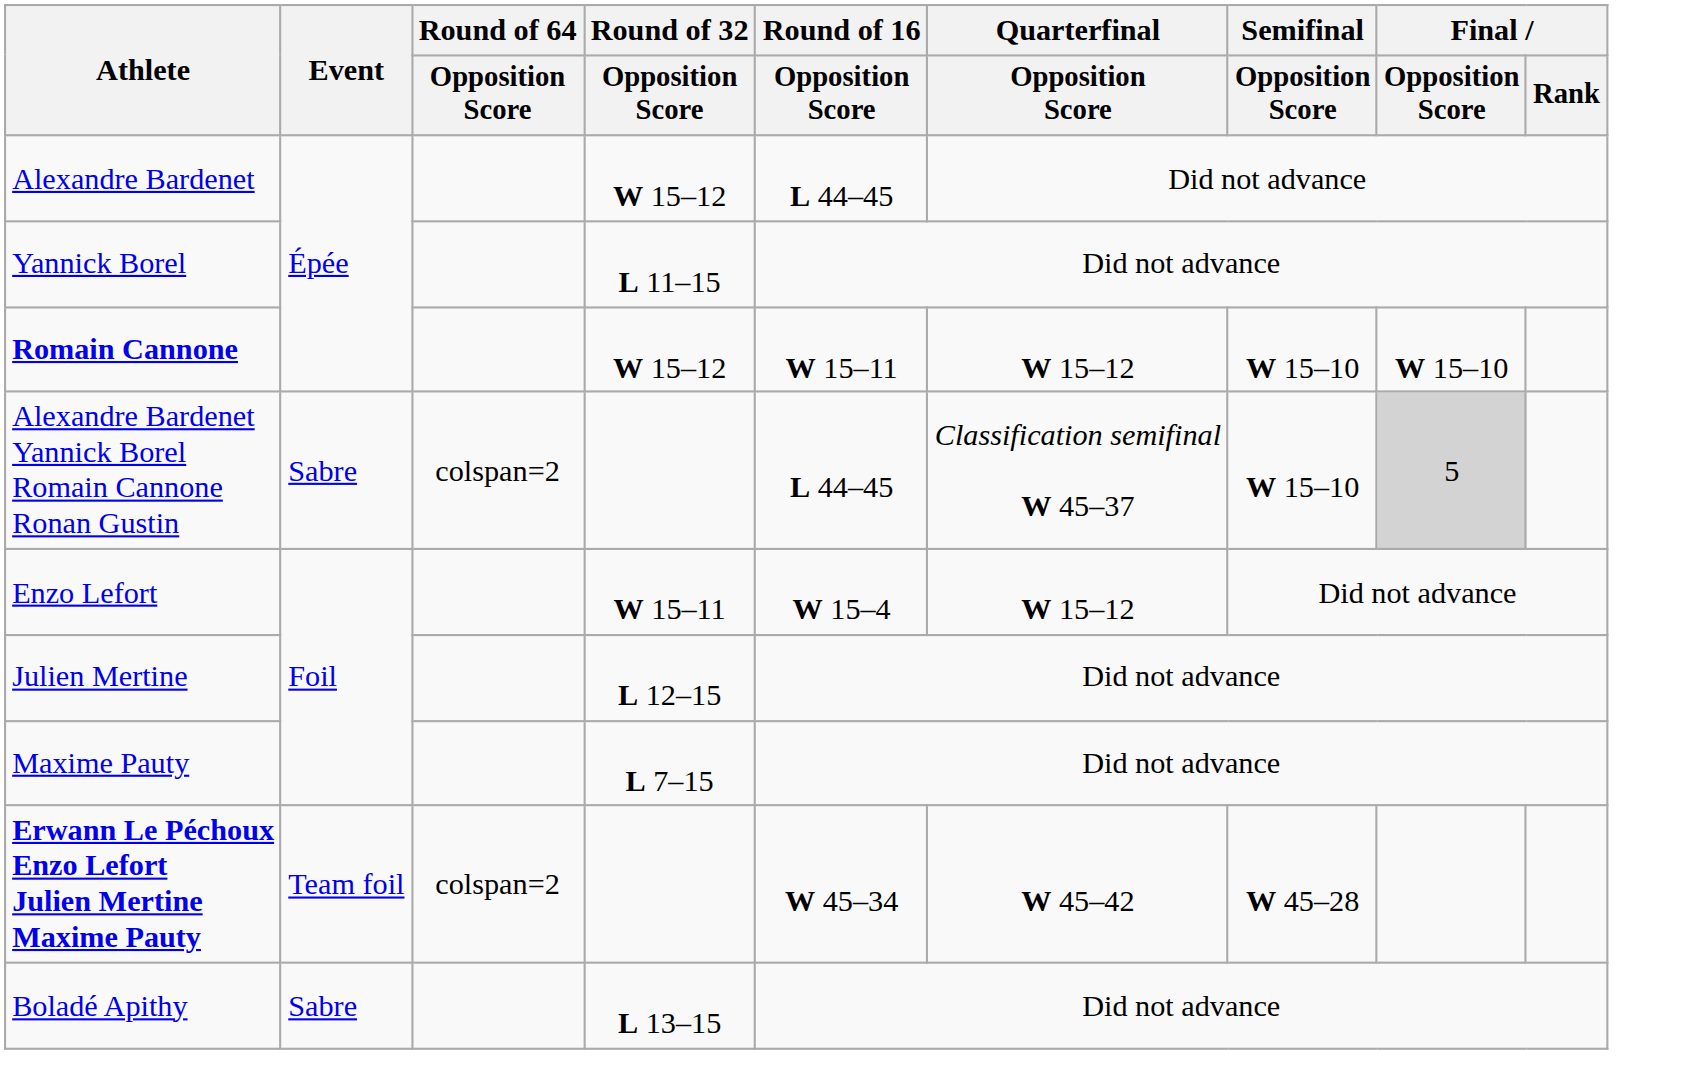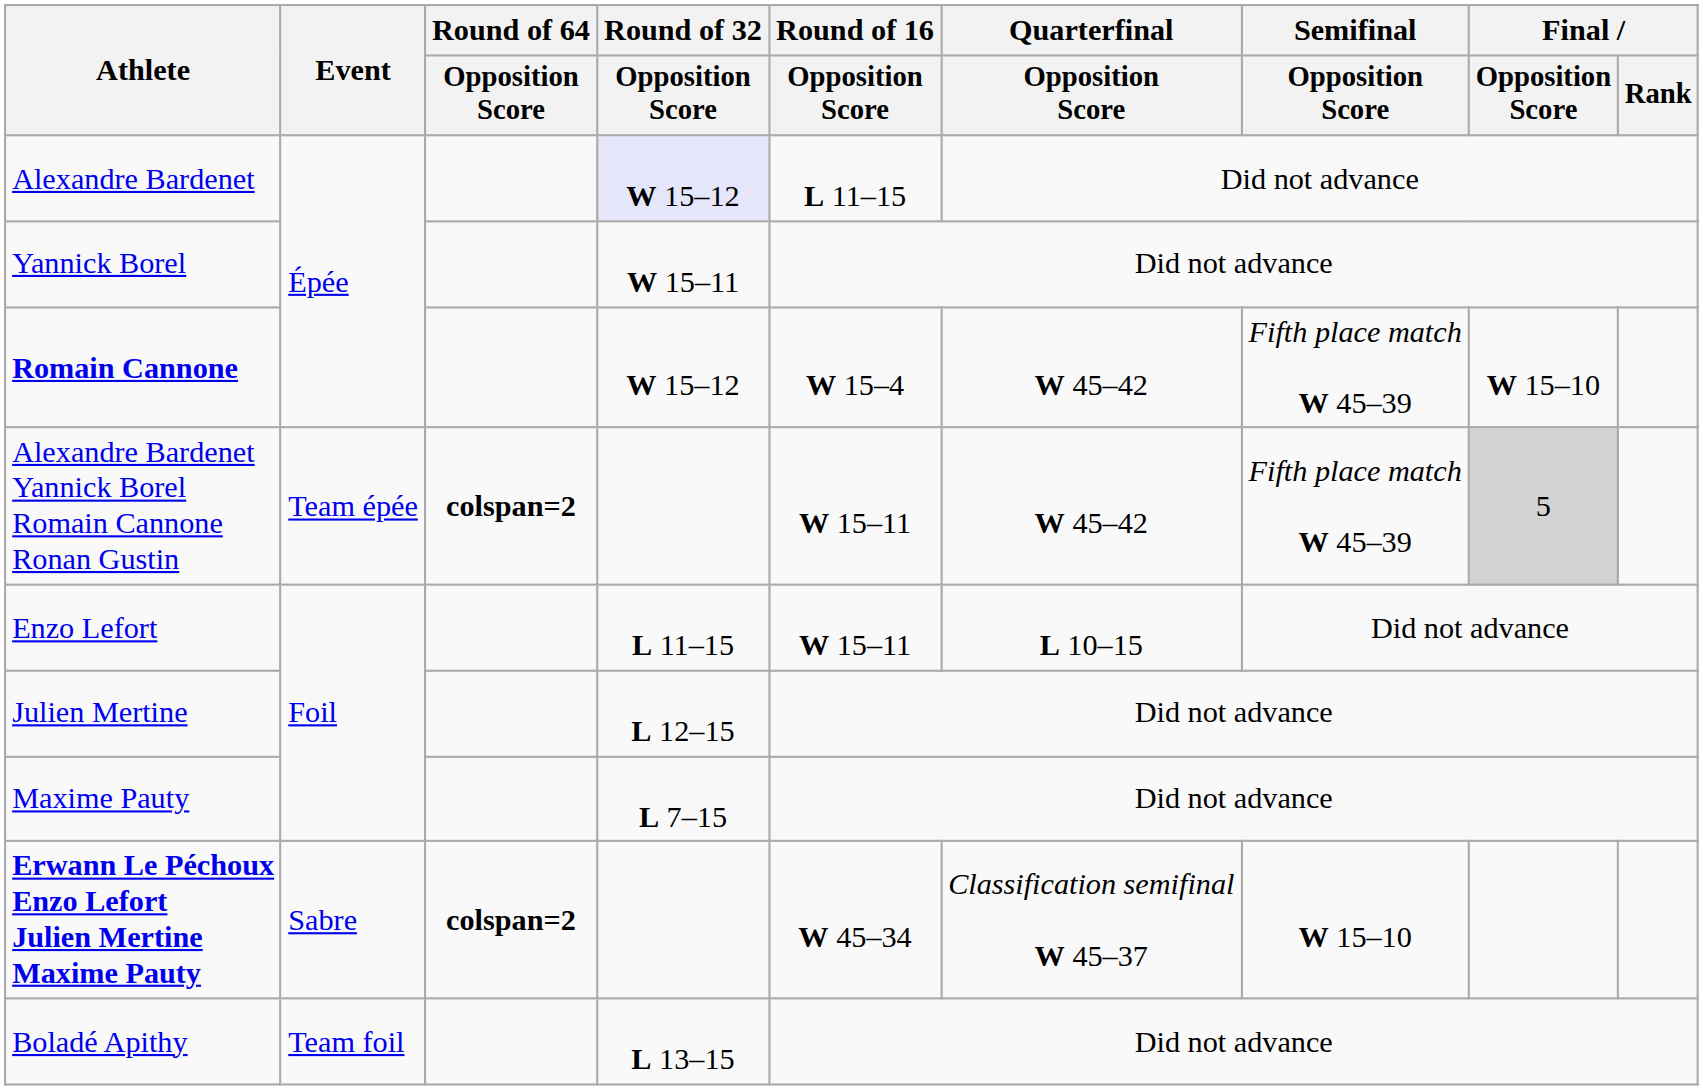 <table class="wikitable" style="font-size:90%">
 <tr>
 <th rowspan="2">Athlete</th>
 <th rowspan="2">Event</th>
 <th>Round of 64</th>
 <th>Round of 32</th>
 <th>Round of 16</th>
 <th>Quarterfinal</th>
 <th>Semifinal</th>
 <th colspan=2>Final / </th>
 </tr>
 <tr style="font-size:95%">
 <th>Opposition <br> Score</th>
 <th>Opposition <br> Score</th>
 <th>Opposition <br> Score</th>
 <th>Opposition <br> Score</th>
 <th>Opposition <br> Score</th>
 <th>Opposition <br> Score</th>
 <th>Rank</th>
 </tr>
 <tr align=center>
 <td align=left><a href='#'>Alexandre Bardenet</a></td>
 <td align=left rowspan=3><a href='#'>Épée</a></td>
 <td></td>
-<td><br><strong>W</strong> 15–12</td>
-<td><br><strong>L</strong> 44–45</td>
+<td style="background: lavender;"><br><strong>W</strong> 15–12</td>
+<td><br><strong>L</strong> 11–15</td>
 <td colspan=4>Did not advance</td>
 </tr>
 <tr align=center>
 <td align=left><a href='#'>Yannick Borel</a></td>
 <td></td>
-<td><br><strong>L</strong> 11–15</td>
+<td><br><strong>W</strong> 15–11</td>
 <td colspan=5>Did not advance</td>
 </tr>
 <tr align=center>
 <td align=left><strong><a href='#'>Romain Cannone</a></strong></td>
 <td></td>
 <td><br><strong>W</strong> 15–12</td>
-<td><br><strong>W</strong> 15–11</td>
-<td><br><strong>W</strong> 15–12</td>
-<td><br><strong>W</strong> 15–10</td>
+<td><br><strong>W</strong> 15–4</td>
+<td><br><strong>W</strong> 45–42</td>
+<td><em>Fifth place match</em><br><br><strong>W</strong> 45–39</td>
 <td><br><strong>W</strong> 15–10</td>
 <td></td>
 </tr>
 <tr align=center>
 <td align=left><a href='#'>Alexandre Bardenet</a><br><a href='#'>Yannick Borel</a><br><a href='#'>Romain Cannone</a><br><a href='#'>Ronan Gustin</a></td>
-<td align=left><a href='#'>Sabre</a></td>
-<td>colspan=2 </td>
+<td align=left><a href='#'>Team épée</a></td>
+<td><strong>colspan=2 </strong></td>
 <td></td>
-<td><br><strong>L</strong> 44–45</td>
-<td><em>Classification semifinal</em><br><br><strong>W</strong> 45–37</td>
-<td><br><strong>W</strong> 15–10</td>
+<td><br><strong>W</strong> 15–11</td>
+<td><br><strong>W</strong> 45–42</td>
+<td><em>Fifth place match</em><br><br><strong>W</strong> 45–39</td>
 <td style="background: lightgrey;">5</td>
 </tr>
 <tr align=center>
 <td align=left><a href='#'>Enzo Lefort</a></td>
 <td align=left rowspan=3><a href='#'>Foil</a></td>
 <td></td>
+<td><br><strong>L</strong> 11–15</td>
 <td><br><strong>W</strong> 15–11</td>
-<td><br><strong>W</strong> 15–4</td>
-<td><br><strong>W</strong> 15–12</td>
+<td><br><strong>L</strong> 10–15</td>
 <td colspan=3>Did not advance</td>
 </tr>
 <tr align=center>
 <td align=left><a href='#'>Julien Mertine</a></td>
 <td></td>
 <td><br><strong>L</strong> 12–15</td>
 <td colspan=5>Did not advance</td>
 </tr>
 <tr align=center>
 <td align=left><a href='#'>Maxime Pauty</a></td>
 <td></td>
 <td><br><strong>L</strong> 7–15</td>
 <td colspan=5>Did not advance</td>
 </tr>
 <tr align=center>
 <td align=left><strong><a href='#'>Erwann Le Péchoux</a><br><a href='#'>Enzo Lefort</a><br><a href='#'>Julien Mertine</a><br><a href='#'>Maxime Pauty</a></strong></td>
-<td align=left><a href='#'>Team foil</a></td>
-<td>colspan=2 </td>
+<td align=left><a href='#'>Sabre</a></td>
+<td><strong>colspan=2 </strong></td>
 <td></td>
 <td><br><strong>W</strong> 45–34</td>
-<td><br><strong>W</strong> 45–42</td>
-<td><br><strong>W</strong> 45–28</td>
+<td><em>Classification semifinal</em><br><br><strong>W</strong> 45–37</td>
+<td><br><strong>W</strong> 15–10</td>
 <td></td>
 </tr>
 <tr align=center>
 <td align=left><a href='#'>Boladé Apithy</a></td>
-<td align=left><a href='#'>Sabre</a></td>
+<td align=left><a href='#'>Team foil</a></td>
 <td></td>
 <td><br><strong>L</strong> 13–15</td>
 <td colspan=5>Did not advance</td>
 </tr>
 </table>
